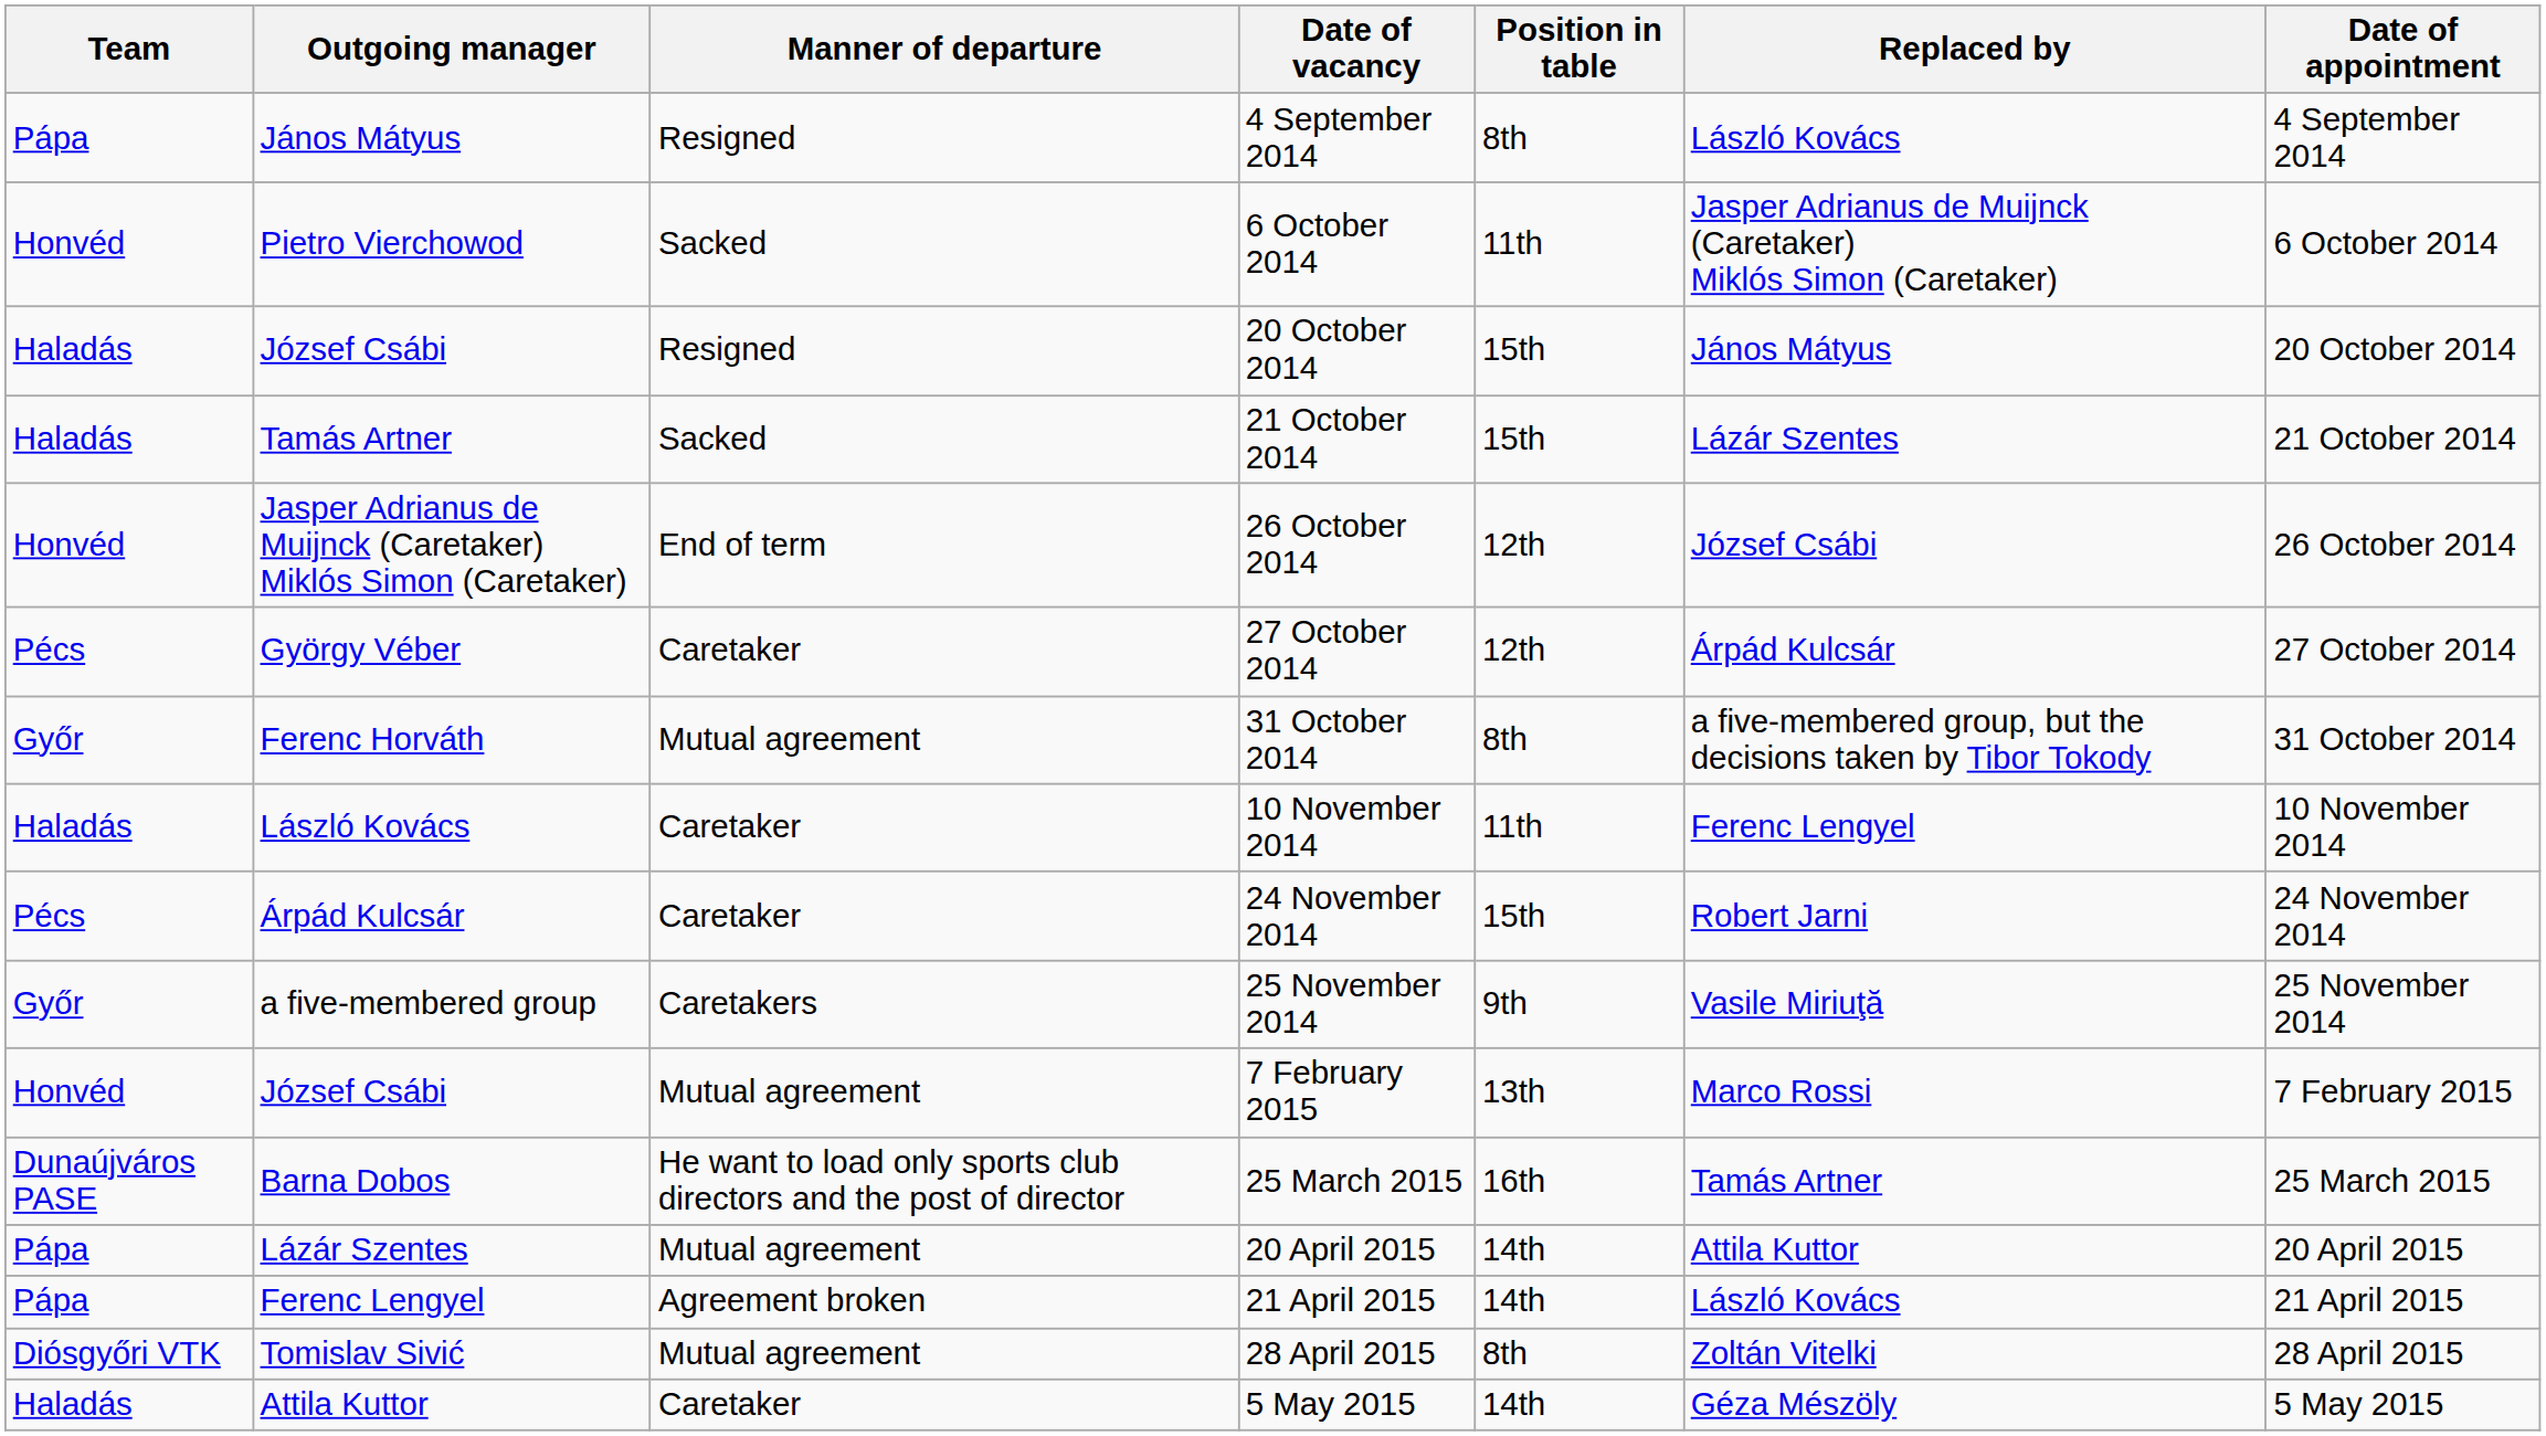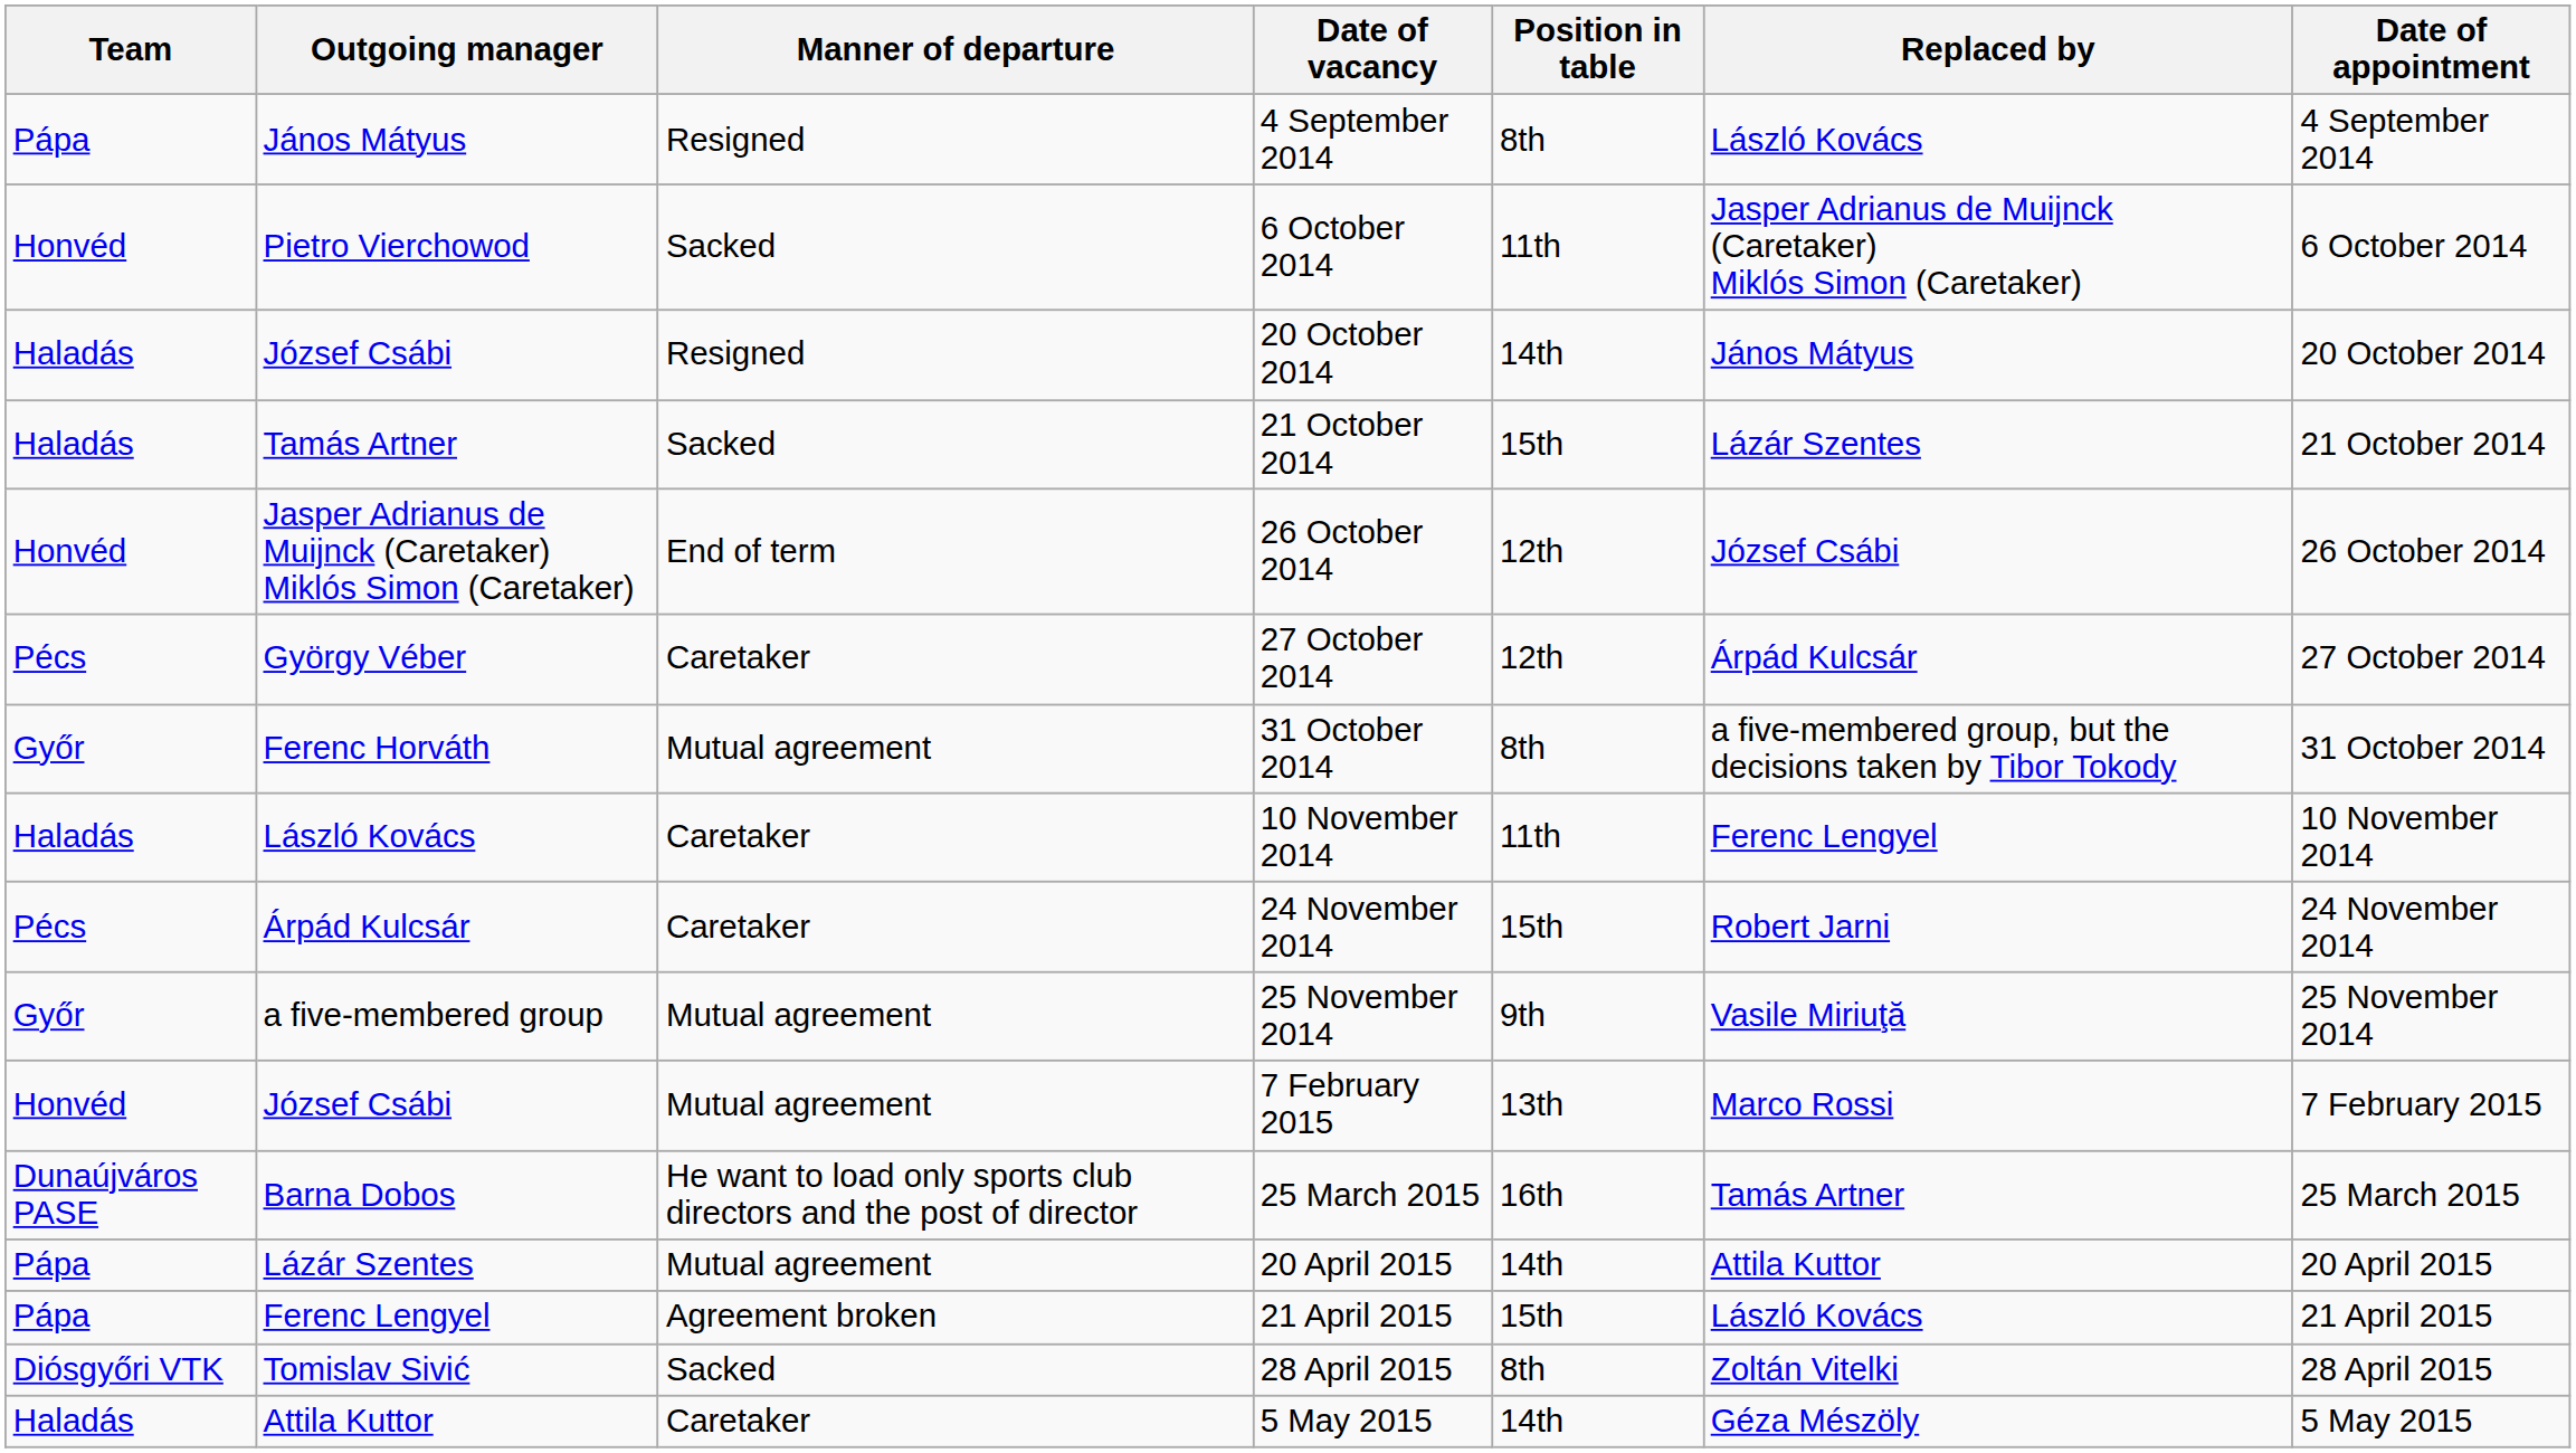 <table class="wikitable">
 <tr>
 <th>Team</th>
 <th>Outgoing manager</th>
 <th>Manner of departure</th>
 <th>Date of vacancy</th>
 <th>Position in table</th>
 <th>Replaced by</th>
 <th>Date of appointment</th>
 </tr>
 <tr>
 <td align=left><a href='#'>Pápa</a></td>
 <td align=left> <a href='#'>János Mátyus</a></td>
 <td>Resigned</td>
 <td>4 September 2014</td>
 <td>8th</td>
 <td align=left> <a href='#'>László Kovács</a></td>
 <td>4 September 2014</td>
 </tr>
 <tr>
 <td align=left><a href='#'>Honvéd</a></td>
 <td align=left> <a href='#'>Pietro Vierchowod</a></td>
 <td>Sacked</td>
 <td>6 October 2014</td>
 <td>11th</td>
 <td align=left> <a href='#'>Jasper Adrianus de Muijnck</a> (Caretaker)<br> <a href='#'>Miklós Simon</a> (Caretaker)</td>
 <td>6 October 2014</td>
 </tr>
 <tr>
 <td align=left><a href='#'>Haladás</a></td>
 <td align=left> <a href='#'>József Csábi</a></td>
 <td>Resigned</td>
 <td>20 October 2014</td>
-<td>15th</td>
+<td>14th</td>
 <td align=left> <a href='#'>János Mátyus</a></td>
 <td>20 October 2014</td>
 </tr>
 <tr>
 <td align=left><a href='#'>Haladás</a></td>
 <td align=left> <a href='#'>Tamás Artner</a></td>
 <td>Sacked</td>
 <td>21 October 2014</td>
 <td>15th</td>
 <td align=left> <a href='#'>Lázár Szentes</a></td>
 <td>21 October 2014</td>
 </tr>
 <tr>
 <td align=left><a href='#'>Honvéd</a></td>
 <td align=left> <a href='#'>Jasper Adrianus de Muijnck</a> (Caretaker)<br> <a href='#'>Miklós Simon</a> (Caretaker)</td>
 <td>End of term</td>
 <td>26 October 2014</td>
 <td>12th</td>
 <td align=left> <a href='#'>József Csábi</a></td>
 <td>26 October 2014</td>
 </tr>
 <tr>
 <td align=left><a href='#'>Pécs</a></td>
 <td align=left> <a href='#'>György Véber</a></td>
 <td>Caretaker</td>
 <td>27 October 2014</td>
 <td>12th</td>
 <td align=left> <a href='#'>Árpád Kulcsár</a></td>
 <td>27 October 2014</td>
 </tr>
 <tr>
 <td align=left><a href='#'>Győr</a></td>
 <td align=left> <a href='#'>Ferenc Horváth</a></td>
 <td>Mutual agreement</td>
 <td>31 October 2014</td>
 <td>8th</td>
 <td align=left>a five-membered group, but the decisions taken by  <a href='#'>Tibor Tokody</a></td>
 <td>31 October 2014</td>
 </tr>
 <tr>
 <td align=left><a href='#'>Haladás</a></td>
 <td align=left> <a href='#'>László Kovács</a></td>
 <td>Caretaker</td>
 <td>10 November 2014</td>
 <td>11th</td>
 <td align=left> <a href='#'>Ferenc Lengyel</a></td>
 <td>10 November 2014</td>
 </tr>
 <tr>
 <td align=left><a href='#'>Pécs</a></td>
 <td align=left> <a href='#'>Árpád Kulcsár</a></td>
 <td>Caretaker</td>
 <td>24 November 2014</td>
 <td>15th</td>
 <td align=left> <a href='#'>Robert Jarni</a></td>
 <td>24 November 2014</td>
 </tr>
 <tr>
 <td align=left><a href='#'>Győr</a></td>
 <td align=left>a five-membered group</td>
-<td>Caretakers</td>
+<td>Mutual agreement</td>
 <td>25 November 2014</td>
 <td>9th</td>
 <td align=left> <a href='#'>Vasile Miriuţă</a></td>
 <td>25 November 2014</td>
 </tr>
 <tr>
 <td align=left><a href='#'>Honvéd</a></td>
 <td align=left> <a href='#'>József Csábi</a></td>
 <td>Mutual agreement</td>
 <td>7 February 2015</td>
 <td>13th</td>
 <td align=left> <a href='#'>Marco Rossi</a></td>
 <td>7 February 2015</td>
 </tr>
 <tr>
 <td align=left><a href='#'>Dunaújváros PASE</a></td>
 <td align=left> <a href='#'>Barna Dobos</a></td>
 <td>He want to load only sports club directors and the post of director</td>
 <td>25 March 2015</td>
 <td>16th</td>
 <td align=left> <a href='#'>Tamás Artner</a></td>
 <td>25 March 2015</td>
 </tr>
 <tr>
 <td align=left><a href='#'>Pápa</a></td>
 <td align=left> <a href='#'>Lázár Szentes</a></td>
 <td>Mutual agreement</td>
 <td>20 April 2015</td>
 <td>14th</td>
 <td align=left> <a href='#'>Attila Kuttor</a></td>
 <td>20 April 2015</td>
 </tr>
 <tr>
 <td align=left><a href='#'>Pápa</a></td>
 <td align=left> <a href='#'>Ferenc Lengyel</a></td>
 <td>Agreement broken</td>
 <td>21 April 2015</td>
-<td>14th</td>
+<td>15th</td>
 <td align=left> <a href='#'>László Kovács</a></td>
 <td>21 April 2015</td>
 </tr>
 <tr>
 <td align=left><a href='#'>Diósgyőri VTK</a></td>
 <td align=left> <a href='#'>Tomislav Sivić</a></td>
-<td>Mutual agreement</td>
+<td>Sacked</td>
 <td>28 April 2015</td>
 <td>8th</td>
 <td align=left> <a href='#'>Zoltán Vitelki</a></td>
 <td>28 April 2015</td>
 </tr>
 <tr>
 <td align=left><a href='#'>Haladás</a></td>
 <td align=left> <a href='#'>Attila Kuttor</a></td>
 <td>Caretaker</td>
 <td>5 May 2015</td>
 <td>14th</td>
 <td align=left> <a href='#'>Géza Mészöly</a></td>
 <td>5 May 2015</td>
 </tr>
 </table>
